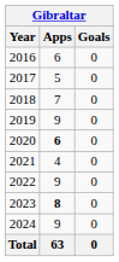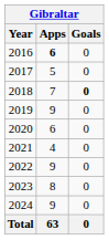 <table class="wikitable" style="text-align:center">
 <tr>
 <th colspan=3><a href='#'>Gibraltar</a></th>
 </tr>
 <tr>
 <th>Year</th>
 <th>Apps</th>
 <th>Goals</th>
 </tr>
 <tr>
 <td>2016</td>
-<td>6</td>
+<td><strong>6</strong></td>
 <td>0</td>
 </tr>
 <tr>
 <td>2017</td>
 <td>5</td>
 <td>0</td>
 </tr>
 <tr>
 <td>2018</td>
 <td>7</td>
-<td>0</td>
+<td><strong>0</strong></td>
 </tr>
 <tr>
 <td>2019</td>
 <td>9</td>
 <td>0</td>
 </tr>
 <tr>
 <td>2020</td>
-<td><strong>6</strong></td>
+<td>6</td>
 <td>0</td>
 </tr>
 <tr>
 <td>2021</td>
 <td>4</td>
 <td>0</td>
 </tr>
 <tr>
 <td>2022</td>
 <td>9</td>
 <td>0</td>
 </tr>
 <tr>
 <td>2023</td>
-<td><strong>8</strong></td>
+<td>8</td>
 <td>0</td>
 </tr>
 <tr>
 <td>2024</td>
 <td>9</td>
 <td>0</td>
 </tr>
 <tr>
 <th>Total</th>
 <th>63</th>
 <th>0</th>
 </tr>
 </table>
